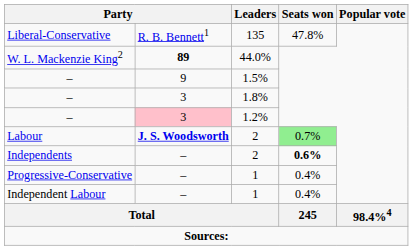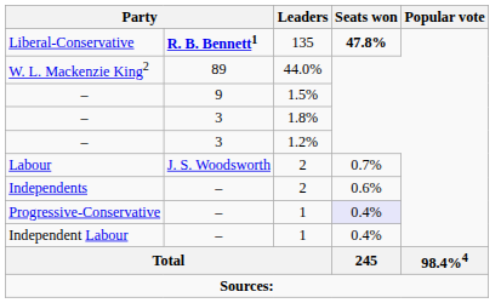 <table class="wikitable">
 <tr>
 <th colspan="2">Party</th>
 <th>Leaders</th>
 <th>Seats won</th>
 <th>Popular vote</th>
 </tr>
 <tr>
 <td><a href='#'>Liberal-Conservative</a></td>
-<td><a href='#'>R. B. Bennett</a><sup>1</sup></td>
+<td><strong><a href='#'>R. B. Bennett</a><sup>1</sup></strong></td>
 <td align=center>135</td>
-<td align=center>47.8%</td>
+<td align=center><strong>47.8%</strong></td>
 </tr>
 <tr>
 <td><a href='#'>W. L. Mackenzie King</a><sup>2</sup></td>
-<td align=center><strong>89</strong></td>
+<td align=center>89</td>
 <td align=center>44.0%</td>
 </tr>
 <tr>
 <td align=center>–</td>
 <td align=center>9</td>
 <td align=center>1.5%</td>
 </tr>
 <tr>
 <td align=center>–</td>
 <td align=center>3</td>
 <td align=center>1.8%</td>
 </tr>
 <tr>
 <td align=center>–</td>
-<td align=center style="background: pink;">3</td>
+<td align=center>3</td>
 <td align=center>1.2%</td>
 </tr>
 <tr>
 <td><a href='#'>Labour</a></td>
-<td><strong><a href='#'>J. S. Woodsworth</a></strong></td>
+<td><a href='#'>J. S. Woodsworth</a></td>
 <td align=center>2</td>
-<td align=center style="background: lightgreen;">0.7%</td>
+<td align=center>0.7%</td>
 </tr>
 <tr>
 <td><a href='#'>Independents</a></td>
 <td align=center>–</td>
 <td align=center>2</td>
-<td align=center><strong>0.6%</strong></td>
+<td align=center>0.6%</td>
 </tr>
 <tr>
 <td><a href='#'>Progressive-Conservative</a></td>
 <td align=center>–</td>
 <td align=center>1</td>
-<td align=center>0.4%</td>
+<td align=center style="background: lavender;">0.4%</td>
 </tr>
 <tr>
 <td>Independent <a href='#'>Labour</a></td>
 <td align=center>–</td>
 <td align=center>1</td>
 <td align=center>0.4%</td>
 </tr>
 <tr>
 <th colspan=3 align=left>Total</th>
 <th align=center>245</th>
 <th align=center>98.4%<sup>4</sup></th>
 </tr>
 <tr>
 <td align="center" colspan=5><strong>Sources:</strong> </td>
 </tr>
 </table>
